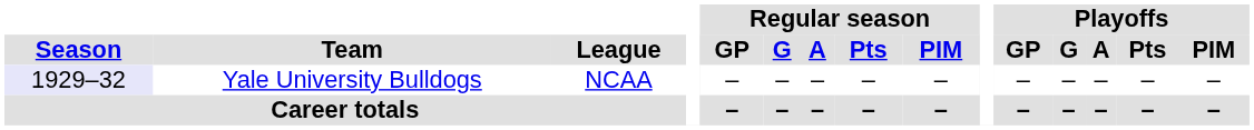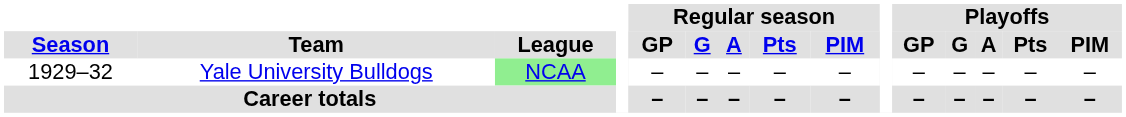 <table BORDER="0" CELLPADDING="1" CELLSPACING="0" width="65%" style="text-align:center">
 <tr bgcolor="#e0e0e0">
 <th colspan="3" bgcolor="#ffffff"> </th>
 <th rowspan="99" bgcolor="#ffffff"> </th>
 <th colspan="5">Regular season</th>
 <th rowspan="99" bgcolor="#ffffff"> </th>
 <th colspan="5">Playoffs</th>
 </tr>
 <tr bgcolor="#e0e0e0">
 <th><a href='#'>Season</a></th>
 <th>Team</th>
 <th>League</th>
 <th>GP</th>
 <th><a href='#'>G</a></th>
 <th><a href='#'>A</a></th>
 <th><a href='#'>Pts</a></th>
 <th><a href='#'>PIM</a></th>
 <th>GP</th>
 <th>G</th>
 <th>A</th>
 <th>Pts</th>
 <th>PIM</th>
 </tr>
 <tr ALIGN="center">
-<td style="background: lavender;">1929–32</td>
+<td>1929–32</td>
 <td><a href='#'>Yale University Bulldogs</a></td>
-<td><a href='#'>NCAA</a></td>
+<td style="background: lightgreen;"><a href='#'>NCAA</a></td>
 <td>–</td>
 <td>–</td>
 <td>–</td>
 <td>–</td>
 <td>–</td>
 <td>–</td>
 <td>–</td>
 <td>–</td>
 <td>–</td>
 <td>–</td>
 </tr>
 <tr ALIGN="center" bgcolor="#e0e0e0">
 <th colspan="3" align="center">Career totals</th>
 <th>–</th>
 <th>–</th>
 <th>–</th>
 <th>–</th>
 <th>–</th>
 <th>–</th>
 <th>–</th>
 <th>–</th>
 <th>–</th>
 <th>–</th>
 </tr>
 </table>
